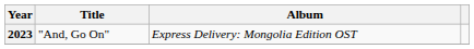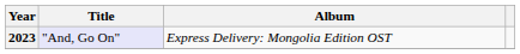 <table class="wikitable plainrowheaders sortable" style="width:600px">
 <tr>
 <th scope="col" width=10>Year</th>
 <th scope="col">Title</th>
 <th scope="col">Album</th>
 <th scope="col" class="unsortable"></th>
 </tr>
 <tr>
 <th scope="row">2023</th>
-<td>"And, Go On" </td>
+<td style="background: lavender;">"And, Go On" </td>
 <td><em>Express Delivery: Mongolia Edition OST</em></td>
 <td></td>
 </tr>
 <tr>
 </tr>
 </table>
